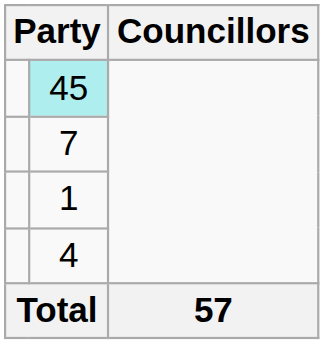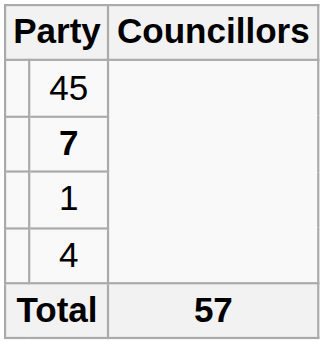 <table class="wikitable">
 <tr>
 <th colspan=2>Party</th>
 <th>Councillors</th>
 </tr>
 <tr>
 <td></td>
-<td align=center style="background: paleturquoise;">45</td>
+<td align=center>45</td>
 </tr>
 <tr>
 <td></td>
-<td align=center>7</td>
+<td align=center><strong>7</strong></td>
 </tr>
 <tr>
 <td></td>
 <td align=center>1</td>
 </tr>
 <tr>
 <td></td>
 <td align=center>4</td>
 </tr>
 <tr>
 <th colspan=2>Total</th>
 <th>57</th>
 </tr>
 </table>
